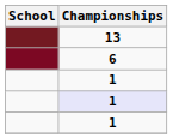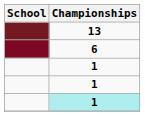 <table class="wikitable sortable" style="text-align:center">
 <tr>
 <th>School</th>
 <th>Championships</th>
 </tr>
 <tr>
 <td style="color:white; background:#731921; "><strong><a href='#'></a></strong></td>
 <td><strong>13</strong></td>
 </tr>
 <tr>
 <td style="color:white; background:#7c0823; "><strong><a href='#'></a></strong></td>
 <td><strong>6</strong></td>
 </tr>
 <tr>
 <td><strong><a href='#'></a></strong></td>
 <td><strong>1</strong></td>
 </tr>
 <tr>
 <td><strong><a href='#'></a></strong></td>
-<td style="background: lavender;"><strong>1</strong></td>
+<td><strong>1</strong></td>
 </tr>
 <tr>
 <td><strong><a href='#'></a></strong></td>
-<td><strong>1</strong></td>
+<td style="background: paleturquoise;"><strong>1</strong></td>
 </tr>
 <tr>
 </tr>
 </table>
